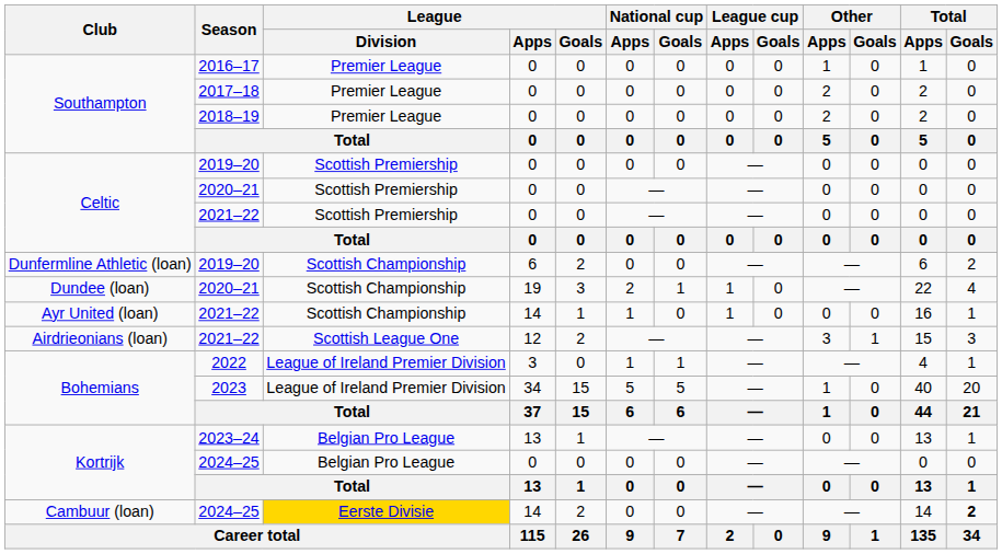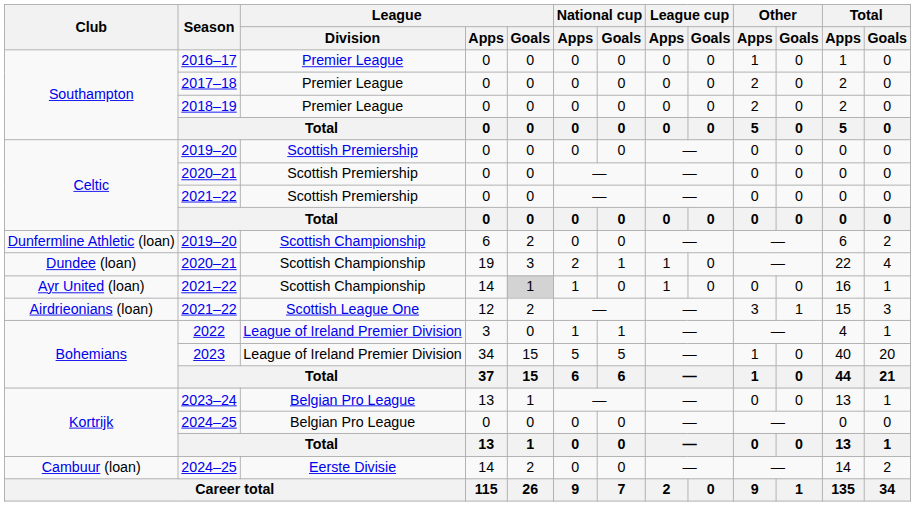 <table class=wikitable style="text-align: center;">
 <tr>
 <th rowspan=2>Club</th>
 <th rowspan=2>Season</th>
 <th colspan=3>League</th>
 <th colspan=2>National cup</th>
 <th colspan=2>League cup</th>
 <th colspan=2>Other</th>
 <th colspan=2>Total</th>
 </tr>
 <tr>
 <th>Division</th>
 <th>Apps</th>
 <th>Goals</th>
 <th>Apps</th>
 <th>Goals</th>
 <th>Apps</th>
 <th>Goals</th>
 <th>Apps</th>
 <th>Goals</th>
 <th>Apps</th>
 <th>Goals</th>
 </tr>
 <tr>
 <td rowspan=4><a href='#'>Southampton</a></td>
 <td><a href='#'>2016–17</a></td>
 <td><a href='#'>Premier League</a></td>
 <td>0</td>
 <td>0</td>
 <td>0</td>
 <td>0</td>
 <td>0</td>
 <td>0</td>
 <td>1</td>
 <td>0</td>
 <td>1</td>
 <td>0</td>
 </tr>
 <tr>
 <td><a href='#'>2017–18</a></td>
 <td>Premier League</td>
 <td>0</td>
 <td>0</td>
 <td>0</td>
 <td>0</td>
 <td>0</td>
 <td>0</td>
 <td>2</td>
 <td>0</td>
 <td>2</td>
 <td>0</td>
 </tr>
 <tr>
 <td><a href='#'>2018–19</a></td>
 <td>Premier League</td>
 <td>0</td>
 <td>0</td>
 <td>0</td>
 <td>0</td>
 <td>0</td>
 <td>0</td>
 <td>2</td>
 <td>0</td>
 <td>2</td>
 <td>0</td>
 </tr>
 <tr>
 <th colspan=2>Total</th>
 <th>0</th>
 <th>0</th>
 <th>0</th>
 <th>0</th>
 <th>0</th>
 <th>0</th>
 <th>5</th>
 <th>0</th>
 <th>5</th>
 <th>0</th>
 </tr>
 <tr>
 <td rowspan="4"><a href='#'>Celtic</a></td>
 <td><a href='#'>2019–20</a></td>
 <td><a href='#'>Scottish Premiership</a></td>
 <td>0</td>
 <td>0</td>
 <td>0</td>
 <td>0</td>
 <td colspan="2">—</td>
 <td>0</td>
 <td>0</td>
 <td>0</td>
 <td>0</td>
 </tr>
 <tr>
 <td><a href='#'>2020–21</a></td>
 <td>Scottish Premiership</td>
 <td>0</td>
 <td>0</td>
 <td colspan="2">—</td>
 <td colspan="2">—</td>
 <td>0</td>
 <td>0</td>
 <td>0</td>
 <td>0</td>
 </tr>
 <tr>
 <td><a href='#'>2021–22</a></td>
 <td>Scottish Premiership</td>
 <td>0</td>
 <td>0</td>
 <td colspan="2">—</td>
 <td colspan="2">—</td>
 <td>0</td>
 <td>0</td>
 <td>0</td>
 <td>0</td>
 </tr>
 <tr>
 <th colspan=2>Total</th>
 <th>0</th>
 <th>0</th>
 <th>0</th>
 <th>0</th>
 <th>0</th>
 <th>0</th>
 <th>0</th>
 <th>0</th>
 <th>0</th>
 <th>0</th>
 </tr>
 <tr>
 <td><a href='#'>Dunfermline Athletic</a> (loan)</td>
 <td><a href='#'>2019–20</a></td>
 <td><a href='#'>Scottish Championship</a></td>
 <td>6</td>
 <td>2</td>
 <td>0</td>
 <td>0</td>
 <td colspan="2">—</td>
 <td colspan="2">—</td>
 <td>6</td>
 <td>2</td>
 </tr>
 <tr>
 <td><a href='#'>Dundee</a> (loan)</td>
 <td><a href='#'>2020–21</a></td>
 <td>Scottish Championship</td>
 <td>19</td>
 <td>3</td>
 <td>2</td>
 <td>1</td>
 <td>1</td>
 <td>0</td>
 <td colspan="2">—</td>
 <td>22</td>
 <td>4</td>
 </tr>
 <tr>
 <td><a href='#'>Ayr United</a> (loan)</td>
 <td><a href='#'>2021–22</a></td>
 <td>Scottish Championship</td>
 <td>14</td>
-<td>1</td>
+<td style="background: lightgrey;">1</td>
 <td>1</td>
 <td>0</td>
 <td>1</td>
 <td>0</td>
 <td>0</td>
 <td>0</td>
 <td>16</td>
 <td>1</td>
 </tr>
 <tr>
 <td><a href='#'>Airdrieonians</a> (loan)</td>
 <td><a href='#'>2021–22</a></td>
 <td><a href='#'>Scottish League One</a></td>
 <td>12</td>
 <td>2</td>
 <td colspan="2">—</td>
 <td colspan="2">—</td>
 <td>3</td>
 <td>1</td>
 <td>15</td>
 <td>3</td>
 </tr>
 <tr>
 <td rowspan="3"><a href='#'>Bohemians</a></td>
 <td><a href='#'>2022</a></td>
 <td><a href='#'>League of Ireland Premier Division</a></td>
 <td>3</td>
 <td>0</td>
 <td>1</td>
 <td>1</td>
 <td colspan="2">—</td>
 <td colspan="2">—</td>
 <td>4</td>
 <td>1</td>
 </tr>
 <tr>
 <td><a href='#'>2023</a></td>
 <td>League of Ireland Premier Division</td>
 <td>34</td>
 <td>15</td>
 <td>5</td>
 <td>5</td>
 <td colspan="2">—</td>
 <td>1</td>
 <td>0</td>
 <td>40</td>
 <td>20</td>
 </tr>
 <tr>
 <th colspan="2">Total</th>
 <th>37</th>
 <th>15</th>
 <th>6</th>
 <th>6</th>
 <th colspan="2">—</th>
 <th>1</th>
 <th>0</th>
 <th>44</th>
 <th>21</th>
 </tr>
 <tr>
 <td rowspan="3"><a href='#'>Kortrijk</a></td>
 <td><a href='#'>2023–24</a></td>
 <td><a href='#'>Belgian Pro League</a></td>
 <td>13</td>
 <td>1</td>
 <td colspan="2">—</td>
 <td colspan="2">—</td>
 <td>0</td>
 <td>0</td>
 <td>13</td>
 <td>1</td>
 </tr>
 <tr>
 <td><a href='#'>2024–25</a></td>
 <td>Belgian Pro League</td>
 <td>0</td>
 <td>0</td>
 <td>0</td>
 <td>0</td>
 <td colspan="2">—</td>
 <td colspan="2">—</td>
 <td>0</td>
 <td>0</td>
 </tr>
 <tr>
 <th colspan="2">Total</th>
 <th>13</th>
 <th>1</th>
 <th>0</th>
 <th>0</th>
 <th colspan="2">—</th>
 <th>0</th>
 <th>0</th>
 <th>13</th>
 <th>1</th>
 </tr>
 <tr>
 <td><a href='#'>Cambuur</a> (loan)</td>
 <td><a href='#'>2024–25</a></td>
-<td style="background: gold;"><a href='#'>Eerste Divisie</a></td>
+<td><a href='#'>Eerste Divisie</a></td>
 <td>14</td>
 <td>2</td>
 <td>0</td>
 <td>0</td>
 <td colspan="2">—</td>
 <td colspan="2">—</td>
 <td>14</td>
-<td><strong>2</strong></td>
+<td>2</td>
 </tr>
 <tr>
 <th colspan="3">Career total</th>
 <th>115</th>
 <th>26</th>
 <th>9</th>
 <th>7</th>
 <th>2</th>
 <th>0</th>
 <th>9</th>
 <th>1</th>
 <th>135</th>
 <th>34</th>
 </tr>
 </table>
